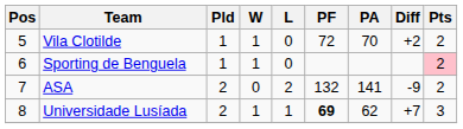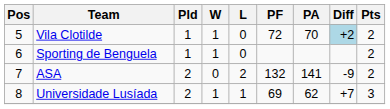 <table class="wikitable" style="font-size:90%;">
 <tr>
 <th width=25>Pos</th>
 <th width=155>Team</th>
 <th width=25>Pld</th>
 <th width=25>W</th>
 <th width=25>L</th>
 <th width=35>PF</th>
 <th width=35>PA</th>
 <th width=25>Diff</th>
 <th width=25>Pts</th>
 </tr>
 <tr>
 <td align=Center>5</td>
 <td><a href='#'>Vila Clotilde</a></td>
 <td align=Center>1</td>
 <td align=Center>1</td>
 <td align=Center>0</td>
 <td align=center>72</td>
 <td align=center>70</td>
-<td align=right>+2</td>
+<td align=right style="background: lightblue;">+2</td>
 <td align=Center>2</td>
 </tr>
 <tr>
 <td align=Center>6</td>
 <td><a href='#'>Sporting de Benguela</a></td>
 <td align=Center>1</td>
 <td align=Center>1</td>
 <td align=Center>0</td>
 <td align=center></td>
 <td align=center></td>
 <td align=right></td>
-<td align=Center style="background: pink;">2</td>
+<td align=Center>2</td>
 </tr>
 <tr>
 <td align=Center>7</td>
 <td><a href='#'>ASA</a></td>
 <td align=Center>2</td>
 <td align=Center>0</td>
 <td align=Center>2</td>
 <td align=center>132</td>
 <td align=center>141</td>
 <td align=right>-9</td>
 <td align=Center>2</td>
 </tr>
 <tr>
 <td align=Center>8</td>
 <td><a href='#'>Universidade Lusíada</a></td>
 <td align=Center>2</td>
 <td align=Center>1</td>
 <td align=Center>1</td>
-<td align=center><strong>69</strong></td>
+<td align=center>69</td>
 <td align=center>62</td>
 <td align=right>+7</td>
 <td align=Center>3</td>
 </tr>
 <tr>
 </tr>
 </table>
